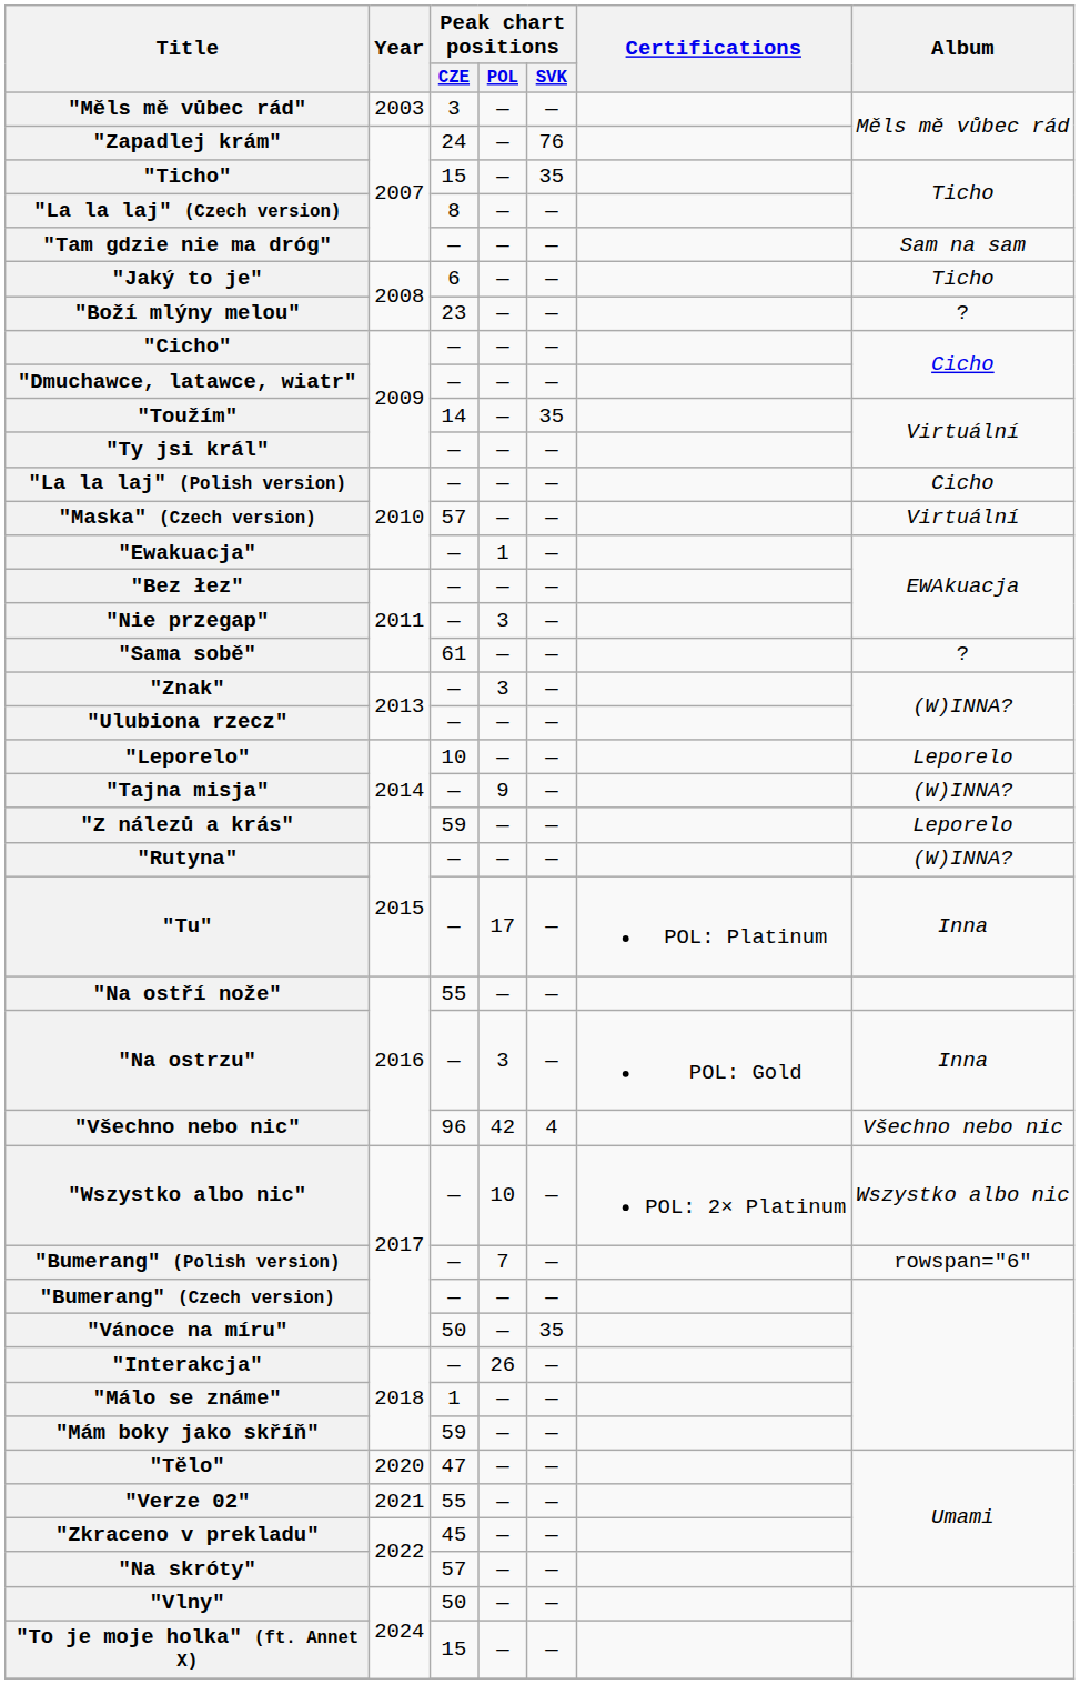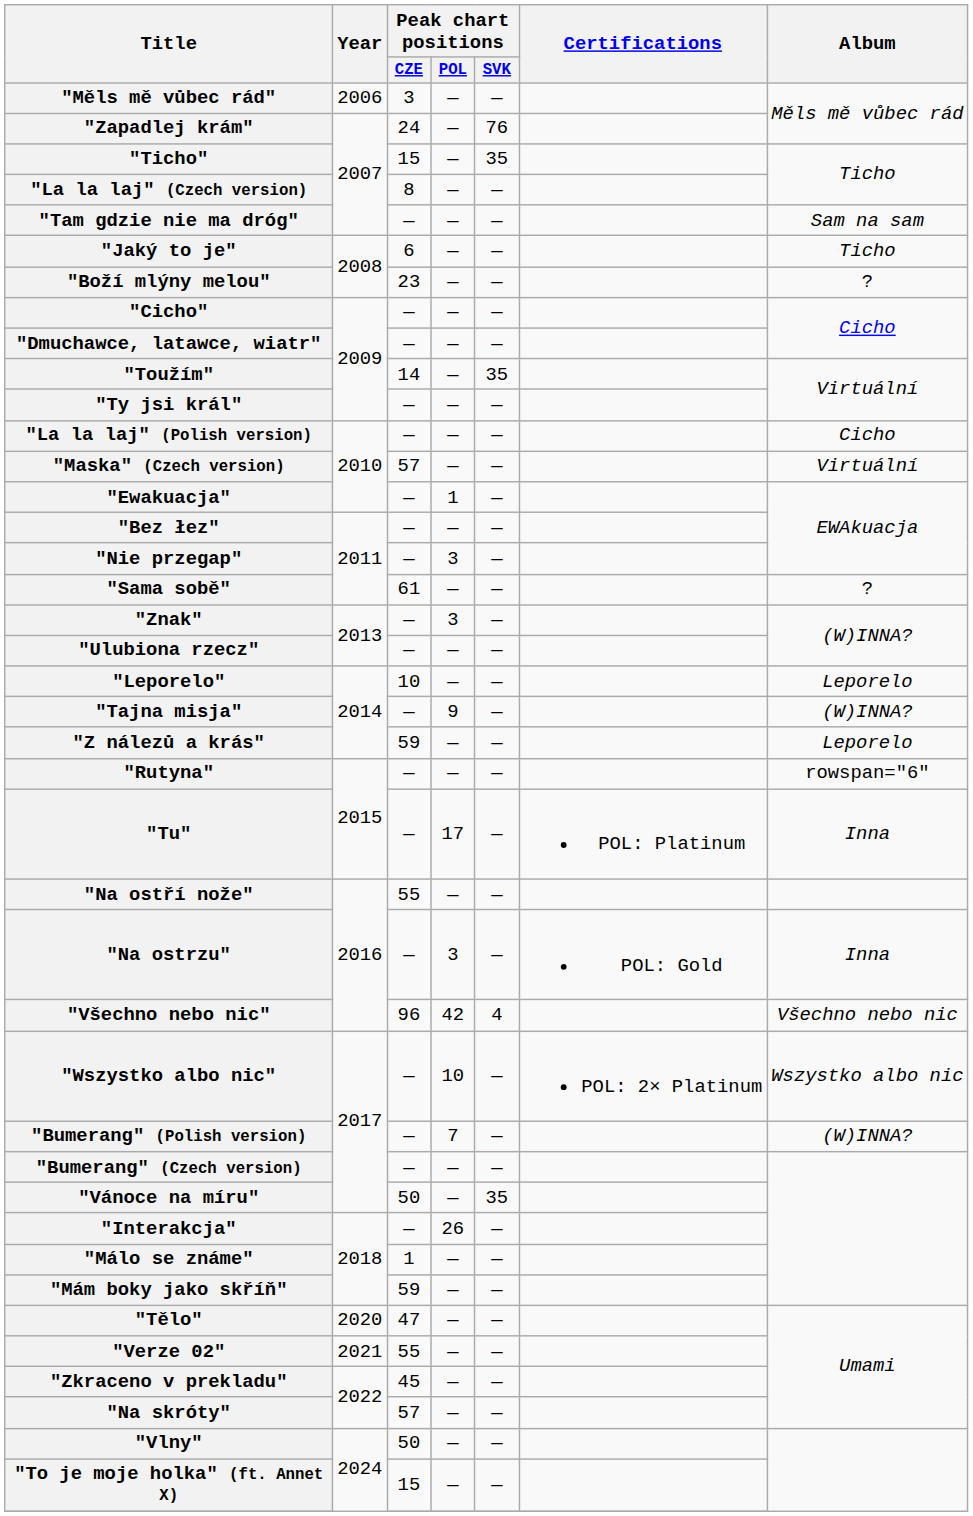 <table class="wikitable plainrowheaders" style=text-align:center;>
 <tr>
 <th scope="col" rowspan="2" width="220px">Title</th>
 <th scope="col" rowspan="2">Year</th>
 <th scope="col" colspan="3">Peak chart positions</th>
 <th scope="col" rowspan="2"><a href='#'>Certifications</a></th>
 <th scope="col" rowspan="2">Album</th>
 </tr>
 <tr style=font-size:smaller>
 <th width="25"><a href='#'>CZE</a><br></th>
 <th width="25"><a href='#'>POL</a><br></th>
 <th width="25"><a href='#'>SVK</a><br></th>
 </tr>
 <tr>
 <th scope="row">"Měls mě vůbec rád"</th>
-<td>2003</td>
+<td>2006</td>
 <td>3</td>
 <td>—</td>
 <td>—</td>
 <td></td>
 <td rowspan="2"><em>Měls mě vůbec rád</em></td>
 </tr>
 <tr>
 <th scope="row">"Zapadlej krám"</th>
 <td rowspan="4">2007</td>
 <td>24</td>
 <td>—</td>
 <td>76</td>
 <td></td>
 </tr>
 <tr>
 <th scope="row">"Ticho"</th>
 <td>15</td>
 <td>—</td>
 <td>35</td>
 <td></td>
 <td rowspan="2"><em>Ticho</em></td>
 </tr>
 <tr>
 <th scope="row">"La la laj" <small>(Czech version)</small></th>
 <td>8</td>
 <td>—</td>
 <td>—</td>
 <td></td>
 </tr>
 <tr>
 <th scope="row">"Tam gdzie nie ma dróg"</th>
 <td>—</td>
 <td>—</td>
 <td>—</td>
 <td></td>
 <td rowspan="1"><em>Sam na sam</em></td>
 </tr>
 <tr>
 <th scope="row">"Jaký to je"</th>
 <td rowspan="2">2008</td>
 <td>6</td>
 <td>—</td>
 <td>—</td>
 <td></td>
 <td rowspan="1"><em>Ticho</em></td>
 </tr>
 <tr>
 <th scope="row">"Boží mlýny melou"</th>
 <td>23</td>
 <td>—</td>
 <td>—</td>
 <td></td>
 <td>?</td>
 </tr>
 <tr>
 <th scope="row">"Cicho"</th>
 <td rowspan="4">2009</td>
 <td>—</td>
 <td>—</td>
 <td>—</td>
 <td></td>
 <td rowspan="2" align="center"><em><a href='#'>Cicho</a></em></td>
 </tr>
 <tr>
 <th scope="row">"Dmuchawce, latawce, wiatr"</th>
 <td>—</td>
 <td>—</td>
 <td>—</td>
 <td></td>
 </tr>
 <tr>
 <th scope="row">"Toužím"</th>
 <td>14</td>
 <td>—</td>
 <td>35</td>
 <td></td>
 <td rowspan="2" align="center"><em>Virtuální</em></td>
 </tr>
 <tr>
 <th scope="row">"Ty jsi král"</th>
 <td>—</td>
 <td>—</td>
 <td>—</td>
 <td></td>
 </tr>
 <tr>
 <th scope="row">"La la laj" <small>(Polish version)</small></th>
 <td rowspan="3">2010</td>
 <td>—</td>
 <td>—</td>
 <td>—</td>
 <td></td>
 <td rowspan="1" align="center"><em>Cicho</em></td>
 </tr>
 <tr>
 <th scope="row">"Maska" <small>(Czech version)</small></th>
 <td>57</td>
 <td>—</td>
 <td>—</td>
 <td></td>
 <td rowspan="1" align="center"><em>Virtuální</em></td>
 </tr>
 <tr>
 <th scope="row">"Ewakuacja"</th>
 <td>—</td>
 <td>1</td>
 <td>—</td>
 <td></td>
 <td rowspan="3" align="center"><em>EWAkuacja</em></td>
 </tr>
 <tr>
 <th scope="row">"Bez łez"</th>
 <td rowspan="3">2011</td>
 <td>—</td>
 <td>—</td>
 <td>—</td>
 <td></td>
 </tr>
 <tr>
 <th scope="row">"Nie przegap"</th>
 <td>—</td>
 <td>3</td>
 <td>—</td>
 <td></td>
 </tr>
 <tr>
 <th scope="row">"Sama sobě"</th>
 <td>61</td>
 <td>—</td>
 <td>—</td>
 <td></td>
 <td>?</td>
 </tr>
 <tr>
 <th scope="row">"Znak"</th>
 <td rowspan="2">2013</td>
 <td>—</td>
 <td>3</td>
 <td>—</td>
 <td></td>
 <td rowspan="2" align="center"><em>(W)INNA?</em></td>
 </tr>
 <tr>
 <th scope="row">"Ulubiona rzecz"</th>
 <td>—</td>
 <td>—</td>
 <td>—</td>
 <td></td>
 </tr>
 <tr>
 <th scope="row">"Leporelo"</th>
 <td rowspan="3">2014</td>
 <td>10</td>
 <td>—</td>
 <td>—</td>
 <td></td>
 <td><em>Leporelo</em></td>
 </tr>
 <tr>
 <th scope="row">"Tajna misja"</th>
 <td>—</td>
 <td>9</td>
 <td>—</td>
 <td></td>
 <td align="center"><em>(W)INNA?</em></td>
 </tr>
 <tr>
 <th scope="row">"Z nálezů a krás"</th>
 <td>59</td>
 <td>—</td>
 <td>—</td>
 <td></td>
 <td><em>Leporelo</em></td>
 </tr>
 <tr>
 <th scope="row">"Rutyna"</th>
 <td rowspan="2">2015</td>
 <td>—</td>
 <td>—</td>
 <td>—</td>
 <td></td>
-<td><em>(W)INNA?</em></td>
+<td>rowspan="6" </td>
 </tr>
 <tr>
 <th scope="row">"Tu"</th>
 <td>—</td>
 <td>17</td>
 <td>—</td>
 <td><br><ul><li>POL: Platinum</li></ul></td>
 <td><em>Inna</em></td>
 </tr>
 <tr>
 <th scope="row">"Na ostří nože"</th>
 <td rowspan="3">2016</td>
 <td>55</td>
 <td>—</td>
 <td>—</td>
 <td></td>
 <td></td>
 </tr>
 <tr>
 <th scope="row">"Na ostrzu"</th>
 <td>—</td>
 <td>3</td>
 <td>—</td>
 <td><br><ul><li>POL: Gold</li></ul></td>
 <td><em>Inna</em></td>
 </tr>
 <tr>
 <th scope="row">"Všechno nebo nic"</th>
 <td>96</td>
 <td>42</td>
 <td>4</td>
 <td></td>
 <td><em>Všechno nebo nic</em><br></td>
 </tr>
 <tr>
 <th scope="row">"Wszystko albo nic"</th>
 <td rowspan="4">2017</td>
 <td>—</td>
 <td>10</td>
 <td>—</td>
 <td><br><ul><li>POL: 2× Platinum</li></ul></td>
 <td><em>Wszystko albo nic</em><br></td>
 </tr>
 <tr>
 <th scope="row">"Bumerang" <small>(Polish version)</small></th>
 <td>—</td>
 <td>7</td>
 <td>—</td>
 <td></td>
-<td>rowspan="6" </td>
+<td><em>(W)INNA?</em></td>
 </tr>
 <tr>
 <th scope="row">"Bumerang" <small>(Czech version)</small></th>
 <td>—</td>
 <td>—</td>
 <td>—</td>
 <td></td>
 </tr>
 <tr>
 <th scope="row">"Vánoce na míru"</th>
 <td>50</td>
 <td>—</td>
 <td>35</td>
 <td></td>
 </tr>
 <tr>
 <th scope="row">"Interakcja"</th>
 <td rowspan="3">2018</td>
 <td>—</td>
 <td>26</td>
 <td>—</td>
 <td></td>
 </tr>
 <tr>
 <th scope="row">"Málo se známe"</th>
 <td>1</td>
 <td>—</td>
 <td>—</td>
 <td></td>
 </tr>
 <tr>
 <th scope="row">"Mám boky jako skříň"</th>
 <td>59</td>
 <td>—</td>
 <td>—</td>
 <td></td>
 </tr>
 <tr>
 <th scope="row">"Tělo"</th>
 <td>2020</td>
 <td>47</td>
 <td>—</td>
 <td>—</td>
 <td></td>
 <td rowspan=4><em>Umami</em></td>
 </tr>
 <tr>
 <th scope="row">"Verze 02"</th>
 <td>2021</td>
 <td>55</td>
 <td>—</td>
 <td>—</td>
 <td></td>
 </tr>
 <tr>
 <th scope="row">"Zkraceno v prekladu"</th>
 <td rowspan=2>2022</td>
 <td>45</td>
 <td>—</td>
 <td>—</td>
 <td></td>
 </tr>
 <tr>
 <th scope="row">"Na skróty"</th>
 <td>57</td>
 <td>—</td>
 <td>—</td>
 <td></td>
 </tr>
 <tr>
 <th scope="row">"Vlny"</th>
 <td rowspan="3">2024</td>
 <td>50</td>
 <td>—</td>
 <td>—</td>
 <td></td>
 </tr>
 <tr>
 <th scope="row">"To je moje holka" <small>(ft. Annet X)</small></th>
 <td>15</td>
 <td>—</td>
 <td>—</td>
 <td></td>
 </tr>
 <tr>
 </tr>
 </table>
